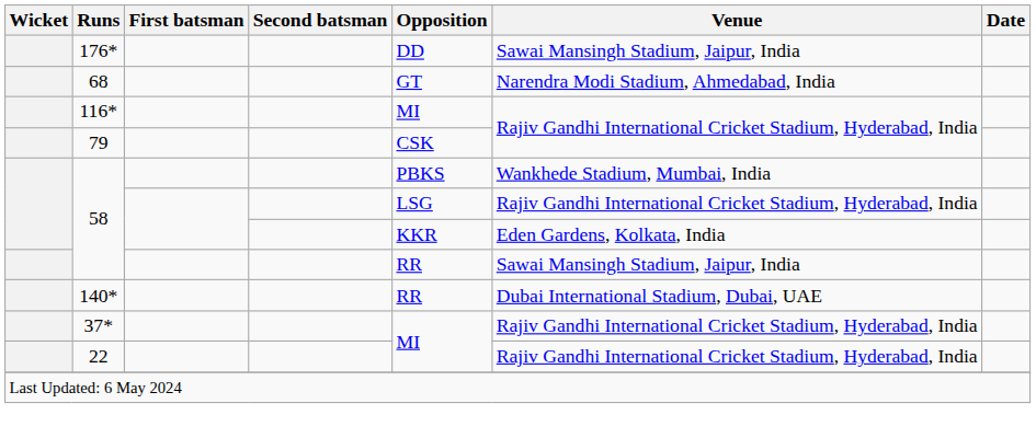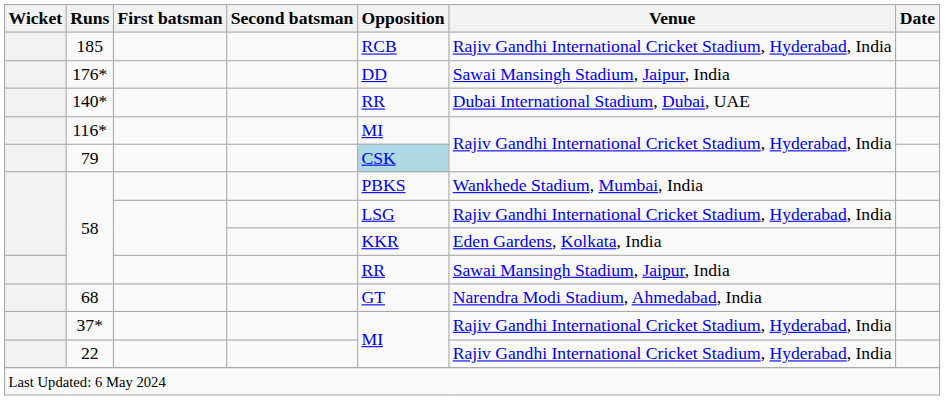 <table class="wikitable">
 <tr>
 <th style="text-align:center;">Wicket</th>
 <th style="text-align:center;">Runs</th>
 <th style="text-align:center;">First batsman</th>
 <th style="text-align:center;">Second batsman</th>
 <th style="text-align:center;">Opposition</th>
 <th style="text-align:center;">Venue</th>
 <th style="text-align:center;">Date</th>
 </tr>
 <tr>
 <th scope=row style=text-align:center;></th>
+<td scope=row style=text-align:center;>185</td>
+<td></td>
+<td></td>
+<td><a href='#'>RCB</a></td>
+<td><a href='#'>Rajiv Gandhi International Cricket Stadium</a>, <a href='#'>Hyderabad</a>, India</td>
+<td></td>
+</tr>
+<tr>
+<th scope=row style=text-align:center;></th>
 <td scope=row style=text-align:center;>176*</td>
 <td></td>
 <td></td>
 <td><a href='#'>DD</a></td>
 <td><a href='#'>Sawai Mansingh Stadium</a>, <a href='#'>Jaipur</a>, India</td>
 <td></td>
 </tr>
 <tr>
 <th scope=row style=text-align:center;></th>
-<td scope=row style=text-align:center;>68</td>
+<td scope=row style=text-align:center;>140*</td>
 <td></td>
 <td></td>
-<td><a href='#'>GT</a></td>
-<td><a href='#'>Narendra Modi Stadium</a>, <a href='#'>Ahmedabad</a>, India</td>
+<td><a href='#'>RR</a></td>
+<td><a href='#'>Dubai International Stadium</a>, <a href='#'>Dubai</a>, UAE</td>
 <td></td>
 </tr>
 <tr>
 <th scope=row style=text-align:center;></th>
 <td scope=row style=text-align:center;>116*</td>
 <td></td>
 <td></td>
 <td><a href='#'>MI</a></td>
 <td rowspan=2><a href='#'>Rajiv Gandhi International Cricket Stadium</a>, <a href='#'>Hyderabad</a>, India</td>
 <td></td>
 </tr>
 <tr>
 <th scope=row style=text-align:center;></th>
 <td scope=row style=text-align:center;>79</td>
 <td></td>
 <td></td>
-<td><a href='#'>CSK</a></td>
+<td style="background: lightblue;"><a href='#'>CSK</a></td>
 <td></td>
 </tr>
 <tr>
 <th scope=row style=text-align:center; rowspan=3></th>
 <td scope=row style=text-align:center; rowspan=4>58</td>
 <td></td>
 <td></td>
 <td><a href='#'>PBKS</a></td>
 <td><a href='#'>Wankhede Stadium</a>, <a href='#'>Mumbai</a>, India</td>
 <td></td>
 </tr>
 <tr>
 <td rowspan=2></td>
 <td></td>
 <td><a href='#'>LSG</a></td>
 <td><a href='#'>Rajiv Gandhi International Cricket Stadium</a>, <a href='#'>Hyderabad</a>, India</td>
 <td></td>
 </tr>
 <tr>
 <td></td>
 <td><a href='#'>KKR</a></td>
 <td><a href='#'>Eden Gardens</a>, <a href='#'>Kolkata</a>, India</td>
 <td></td>
 </tr>
 <tr>
 <th scope=row style=text-align:center;></th>
 <td></td>
 <td></td>
 <td><a href='#'>RR</a></td>
 <td><a href='#'>Sawai Mansingh Stadium</a>, <a href='#'>Jaipur</a>, India</td>
 <td></td>
 </tr>
 <tr>
 <th scope=row style=text-align:center;></th>
-<td scope=row style=text-align:center;>140*</td>
+<td scope=row style=text-align:center;>68</td>
 <td></td>
 <td></td>
-<td><a href='#'>RR</a></td>
-<td><a href='#'>Dubai International Stadium</a>, <a href='#'>Dubai</a>, UAE</td>
+<td><a href='#'>GT</a></td>
+<td><a href='#'>Narendra Modi Stadium</a>, <a href='#'>Ahmedabad</a>, India</td>
 <td></td>
 </tr>
 <tr>
 <th scope=row style=text-align:center;></th>
 <td scope=row style=text-align:center;>37*</td>
 <td></td>
 <td></td>
 <td rowspan=2><a href='#'>MI</a></td>
 <td><a href='#'>Rajiv Gandhi International Cricket Stadium</a>, <a href='#'>Hyderabad</a>, India</td>
 <td></td>
 </tr>
 <tr>
 <th scope=row style=text-align:center;></th>
 <td scope=row style=text-align:center;>22</td>
 <td></td>
 <td></td>
 <td><a href='#'>Rajiv Gandhi International Cricket Stadium</a>, <a href='#'>Hyderabad</a>, India</td>
 <td></td>
 </tr>
 <tr>
 </tr>
 <tr class=sortbottom>
 <td colspan=7><small>Last Updated: 6 May 2024</small></td>
 </tr>
 </table>
